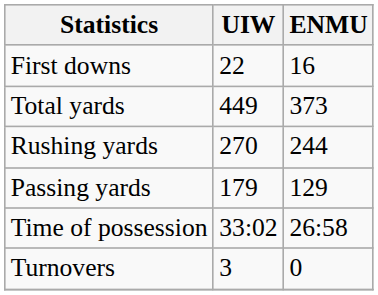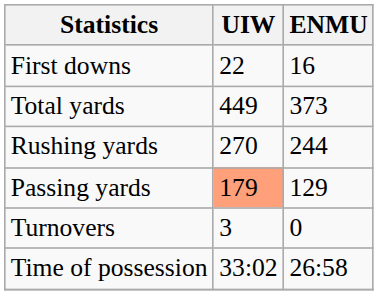 <table class="wikitable">
 <tr>
 <th>Statistics</th>
 <th>UIW</th>
 <th>ENMU</th>
 </tr>
 <tr>
 <td>First downs</td>
 <td>22</td>
 <td>16</td>
 </tr>
 <tr>
 <td>Total yards</td>
 <td>449</td>
 <td>373</td>
 </tr>
 <tr>
 <td>Rushing yards</td>
 <td>270</td>
 <td>244</td>
 </tr>
 <tr>
 <td>Passing yards</td>
-<td>179</td>
+<td style="background: lightsalmon;">179</td>
 <td>129</td>
+</tr>
+<tr>
+<td>Turnovers</td>
+<td>3</td>
+<td>0</td>
 </tr>
 <tr>
 <td>Time of possession</td>
 <td>33:02</td>
 <td>26:58</td>
 </tr>
 <tr>
-<td>Turnovers</td>
-<td>3</td>
-<td>0</td>
-</tr>
-<tr>
 </tr>
 </table>
